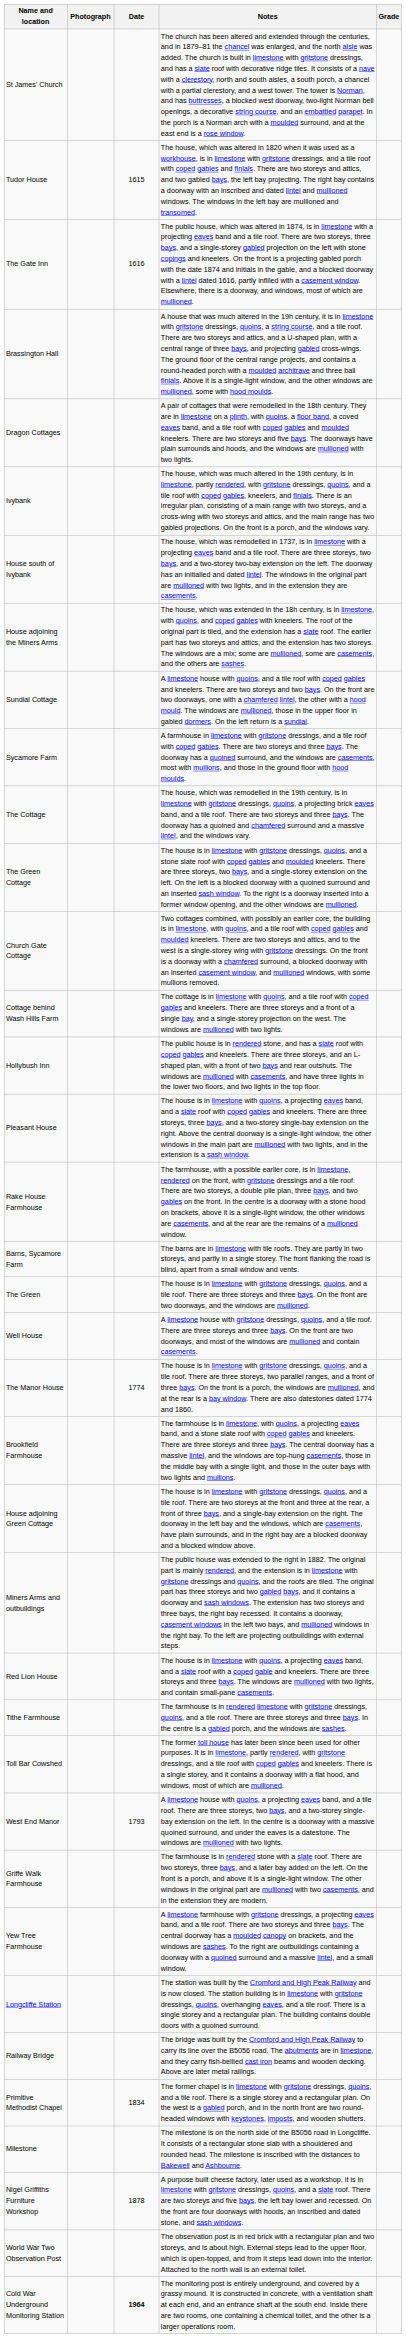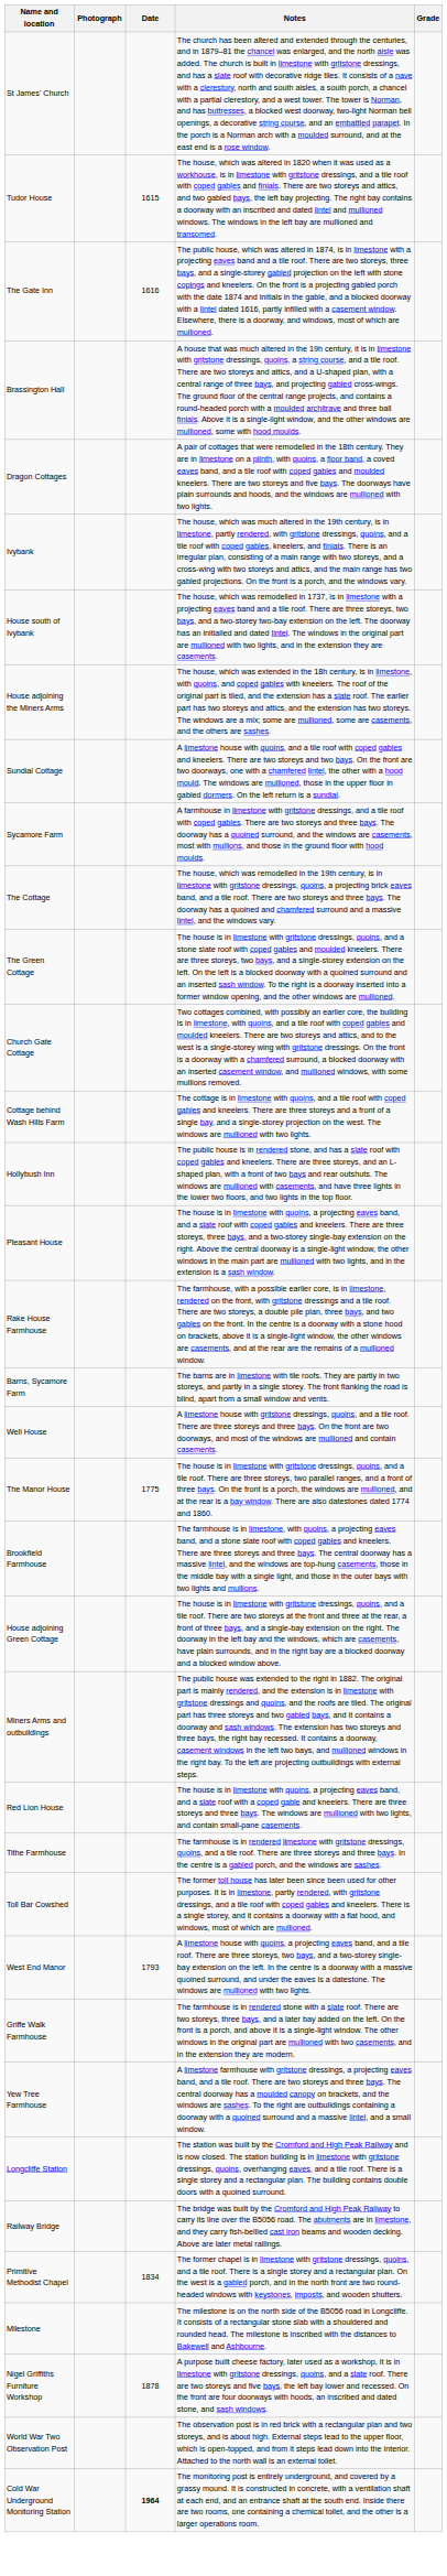 <table class="wikitable sortable plainrowheaders" style="width:100%; border:0; text-align:left; line-height:150%;">
 <tr>
 <th scope="col"  style="width:150px">Name and location</th>
 <th scope="col"  style="width:100px" class="unsortable">Photograph</th>
 <th scope="col"  style="width:120px">Date</th>
 <th scope="col"  style="width:650px" class="unsortable">Notes</th>
 <th scope="col"  style="width:50px">Grade</th>
 </tr>
 <tr>
 <td>St James' Church<br><small></small></td>
 <td></td>
 <td align="center"></td>
 <td>The church has been altered and extended through the centuries, and in 1879–81 the <a href='#'>chancel</a> was enlarged, and the north <a href='#'>aisle</a> was added.  The church is built in <a href='#'>limestone</a> with <a href='#'>gritstone</a> dressings, and has a <a href='#'>slate</a> roof with decorative ridge tiles.  It consists of a <a href='#'>nave</a> with a <a href='#'>clerestory</a>, north and south aisles, a south porch, a chancel with a partial clerestory, and a west tower.  The tower is <a href='#'>Norman</a>, and has <a href='#'>buttresses</a>, a blocked west doorway, two-light Norman bell openings, a decorative <a href='#'>string course</a>, and an <a href='#'>embattled</a> <a href='#'>parapet</a>.  In the porch is a Norman arch with a <a href='#'>moulded</a> surround, and at the east end is a <a href='#'>rose window</a>.</td>
 <td align="center" ></td>
 </tr>
 <tr>
 <td>Tudor House<br><small></small></td>
 <td></td>
 <td align="center">1615</td>
 <td>The house, which was altered in 1820 when it was used as a <a href='#'>workhouse</a>, is in <a href='#'>limestone</a> with <a href='#'>gritstone</a> dressings, and a tile roof with <a href='#'>coped</a> <a href='#'>gables</a> and <a href='#'>finials</a>.  There are two storeys and attics, and two gabled <a href='#'>bays</a>, the left bay projecting.  The right bay contains a doorway with an inscribed and dated <a href='#'>lintel</a> and <a href='#'>mullioned</a> windows.  The windows in the left bay are mullioned and <a href='#'>transomed</a>.</td>
 <td align="center" ></td>
 </tr>
 <tr>
 <td>The Gate Inn<br><small></small></td>
 <td></td>
 <td align="center">1616</td>
 <td>The public house, which was altered in 1874, is in <a href='#'>limestone</a> with a projecting <a href='#'>eaves</a> band and a tile roof.  There are two storeys, three <a href='#'>bays</a>, and a single-storey <a href='#'>gabled</a> projection on the left with stone <a href='#'>copings</a> and kneelers.  On the front is a projecting gabled porch with the date 1874 and initials in the gable, and a blocked doorway with a <a href='#'>lintel</a> dated 1616, partly infilled with a <a href='#'>casement window</a>.  Elsewhere, there is a doorway, and windows, most of which are <a href='#'>mullioned</a>.</td>
 <td align="center" ></td>
 </tr>
 <tr>
 <td>Brassington Hall<br><small></small></td>
 <td></td>
 <td align="center"></td>
 <td>A house that was much altered in the 19h century, it is in <a href='#'>limestone</a> with <a href='#'>gritstone</a> dressings, <a href='#'>quoins</a>, a <a href='#'>string course</a>, and a tile roof.  There are two storeys and attics, and a U-shaped plan, with a central range of three <a href='#'>bays</a>, and projecting <a href='#'>gabled</a> cross-wings.  The ground floor of the central range projects, and contains a round-headed porch with a <a href='#'>moulded</a> <a href='#'>architrave</a> and three ball <a href='#'>finials</a>. Above it is a single-light window, and the other windows are <a href='#'>mullioned</a>, some with <a href='#'>hood moulds</a>.</td>
 <td align="center" ></td>
 </tr>
 <tr>
 <td>Dragon Cottages<br><small></small></td>
 <td></td>
 <td align="center"></td>
 <td>A pair of cottages that were remodelled in the 18th century.  They are in <a href='#'>limestone</a> on a <a href='#'>plinth</a>, with <a href='#'>quoins</a>, a <a href='#'>floor band</a>, a coved <a href='#'>eaves</a> band, and a tile roof with <a href='#'>coped</a> <a href='#'>gables</a> and <a href='#'>moulded</a> kneelers.  There are two storeys and five <a href='#'>bays</a>.  The doorways have plain surrounds and hoods, and the windows are <a href='#'>mullioned</a> with two lights.</td>
 <td align="center" ></td>
 </tr>
 <tr>
 <td>Ivybank<br><small></small></td>
 <td></td>
 <td align="center"></td>
 <td>The house, which was much altered in the 19th century, is in <a href='#'>limestone</a>, partly <a href='#'>rendered</a>, with <a href='#'>gritstone</a> dressings, <a href='#'>quoins</a>, and a tile roof with <a href='#'>coped</a> <a href='#'>gables</a>, kneelers, and <a href='#'>finials</a>.  There is an irregular plan, consisting of a main range with two storeys, and a cross-wing with two storeys and attics, and the main range has two gabled projections.  On the front is a porch, and the windows vary.</td>
 <td align="center" ></td>
 </tr>
 <tr>
 <td>House south of Ivybank<br><small></small></td>
 <td></td>
 <td align="center"></td>
 <td>The house, which was remodelled in 1737, is in <a href='#'>limestone</a> with a projecting <a href='#'>eaves</a> band and a tile roof.  There are three storeys, two <a href='#'>bays</a>, and a two-storey two-bay extension on the left.  The doorway has an initialled and dated <a href='#'>lintel</a>.  The windows in the original part are <a href='#'>mullioned</a> with two lights, and in the extension they are <a href='#'>casements</a>.</td>
 <td align="center" ></td>
 </tr>
 <tr>
 <td>House adjoining the Miners Arms<br><small></small></td>
 <td></td>
 <td align="center"></td>
 <td>The house, which was extended in the 18h century, is in <a href='#'>limestone</a>, with <a href='#'>quoins</a>, and <a href='#'>coped</a> <a href='#'>gables</a> with kneelers.  The roof of the original part is tiled, and the extension has a <a href='#'>slate</a> roof.  The earlier part has two storeys and attics, and the extension has two storeys.  The windows are a mix; some are <a href='#'>mullioned</a>, some are <a href='#'>casements</a>, and the others are <a href='#'>sashes</a>.</td>
 <td align="center" ></td>
 </tr>
 <tr>
 <td>Sundial Cottage<br><small></small></td>
 <td></td>
 <td align="center"></td>
 <td>A <a href='#'>limestone</a> house with <a href='#'>quoins</a>, and a tile roof with <a href='#'>coped</a> <a href='#'>gables</a> and kneelers.  There are two storeys and two <a href='#'>bays</a>.  On the front are two doorways, one with a <a href='#'>chamfered</a> <a href='#'>lintel</a>, the other with a <a href='#'>hood mould</a>.  The windows are <a href='#'>mullioned</a>, those in the upper floor in gabled <a href='#'>dormers</a>.  On the left return is a <a href='#'>sundial</a>.</td>
 <td align="center" ></td>
 </tr>
 <tr>
 <td>Sycamore Farm<br><small></small></td>
 <td></td>
 <td align="center"></td>
 <td>A farmhouse in <a href='#'>limestone</a> with <a href='#'>gritstone</a> dressings, and a tile roof with <a href='#'>coped</a> <a href='#'>gables</a>.  There are two storeys and three <a href='#'>bays</a>.  The doorway has a <a href='#'>quoined</a> surround, and the windows are <a href='#'>casements</a>, most with <a href='#'>mullions</a>, and those in the ground floor with <a href='#'>hood moulds</a>.</td>
 <td align="center" ></td>
 </tr>
 <tr>
 <td>The Cottage<br><small></small></td>
 <td></td>
 <td align="center"></td>
 <td>The house, which was remodelled in the 19th century, is in <a href='#'>limestone</a> with <a href='#'>gritstone</a> dressings, <a href='#'>quoins</a>, a projecting brick <a href='#'>eaves</a> band, and a tile roof.  There are two storeys and three <a href='#'>bays</a>.  The doorway has a quoined and <a href='#'>chamfered</a> surround and a massive <a href='#'>lintel</a>, and the windows vary.</td>
 <td align="center" ></td>
 </tr>
 <tr>
 <td>The Green Cottage<br><small></small></td>
 <td></td>
 <td align="center"></td>
 <td>The house is in <a href='#'>limestone</a> with <a href='#'>gritstone</a> dressings, <a href='#'>quoins</a>, and a stone slate roof with <a href='#'>coped</a> <a href='#'>gables</a> and <a href='#'>moulded</a> kneelers.  There are three storeys, two <a href='#'>bays</a>, and a single-storey extension on the left.  On the left is a blocked doorway with a quoined surround and an inserted <a href='#'>sash window</a>.  To the right is a doorway inserted into a former window opening, and the other windows are <a href='#'>mullioned</a>.</td>
 <td align="center" ></td>
 </tr>
 <tr>
 <td>Church Gate Cottage<br><small></small></td>
 <td></td>
 <td align="center"></td>
 <td>Two cottages combined, with possibly an earlier core, the building is in <a href='#'>limestone</a>, with <a href='#'>quoins</a>, and a tile roof with <a href='#'>coped</a> <a href='#'>gables</a> and <a href='#'>moulded</a> kneelers.  There are two storeys and attics, and to the west is a single-storey wing with <a href='#'>gritstone</a> dressings.  On the front is a doorway with a <a href='#'>chamfered</a> surround, a blocked doorway with an inserted <a href='#'>casement window</a>, and <a href='#'>mullioned</a> windows, with some mullions removed.</td>
 <td align="center" ></td>
 </tr>
 <tr>
 <td>Cottage behind Wash Hills Farm<br><small></small></td>
 <td></td>
 <td align="center"></td>
 <td>The cottage is in <a href='#'>limestone</a> with <a href='#'>quoins</a>, and a tile roof with <a href='#'>coped</a> <a href='#'>gables</a> and kneelers.  There are three storeys and a front of a single <a href='#'>bay</a>, and a single-storey projection on the west.  The windows are <a href='#'>mullioned</a> with two lights.</td>
 <td align="center" ></td>
 </tr>
 <tr>
 <td>Hollybush Inn<br><small></small></td>
 <td></td>
 <td align="center"></td>
 <td>The public house is in <a href='#'>rendered</a> stone, and has a <a href='#'>slate</a> roof with <a href='#'>coped</a> <a href='#'>gables</a> and kneelers.  There are three storeys, and an L-shaped plan, with a front of two <a href='#'>bays</a> and rear outshuts.  The windows are <a href='#'>mullioned</a> with <a href='#'>casements</a>, and have three lights in the lower two floors, and two lights in the top floor.</td>
 <td align="center" ></td>
 </tr>
 <tr>
 <td>Pleasant House<br><small></small></td>
 <td></td>
 <td align="center"></td>
 <td>The house is in <a href='#'>limestone</a> with <a href='#'>quoins</a>, a projecting <a href='#'>eaves</a> band, and a <a href='#'>slate</a> roof with <a href='#'>coped</a> <a href='#'>gables</a> and kneelers.  There are three storeys, three <a href='#'>bays</a>, and a two-storey single-bay extension on the right.  Above the central doorway is a single-light window, the other windows in the main part are <a href='#'>mullioned</a> with two lights, and in the extension is a <a href='#'>sash window</a>.</td>
 <td align="center" ></td>
 </tr>
 <tr>
 <td>Rake House Farmhouse<br><small></small></td>
 <td></td>
 <td align="center"></td>
 <td>The farmhouse, with a possible earlier core, is in <a href='#'>limestone</a>, <a href='#'>rendered</a> on the front, with <a href='#'>gritstone</a> dressings and a tile roof.  There are two storeys, a double pile plan, three <a href='#'>bays</a>, and two <a href='#'>gables</a> on the front.  In the centre is a doorway with a stone hood on brackets, above it is a single-light window, the other windows are <a href='#'>casements</a>, and at the rear are the remains of a <a href='#'>mullioned</a> window.</td>
 <td align="center" ></td>
 </tr>
 <tr>
 <td>Barns, Sycamore Farm<br><small></small></td>
 <td></td>
 <td align="center"></td>
 <td>The barns are in <a href='#'>limestone</a> with tile roofs.  They are partly in two storeys, and partly in a single storey.  The front flanking the road is blind, apart from a small window and vents.</td>
 <td align="center" ></td>
 </tr>
 <tr>
-<td>The Green<br><small></small></td>
-<td></td>
-<td align="center"></td>
-<td>The house is in <a href='#'>limestone</a> with <a href='#'>gritstone</a> dressings, <a href='#'>quoins</a>, and a tile roof.  There are three storeys and three <a href='#'>bays</a>.  On the front are two doorways, and the windows are <a href='#'>mullioned</a>.</td>
-<td align="center" ></td>
-</tr>
-<tr>
 <td>Well House<br><small></small></td>
 <td></td>
 <td align="center"></td>
 <td>A <a href='#'>limestone</a> house with <a href='#'>gritstone</a> dressings, <a href='#'>quoins</a>, and a tile roof.  There are three storeys and three <a href='#'>bays</a>.  On the front are two doorways, and most of the windows are <a href='#'>mullioned</a> and contain <a href='#'>casements</a>.</td>
 <td align="center" ></td>
 </tr>
 <tr>
 <td>The Manor House<br><small></small></td>
 <td></td>
-<td align="center">1774</td>
+<td align="center">1775</td>
 <td>The house is in <a href='#'>limestone</a> with <a href='#'>gritstone</a> dressings, <a href='#'>quoins</a>, and a tile roof.  There are three storeys, two parallel ranges, and a front of three <a href='#'>bays</a>.  On the front is a porch, the windows are <a href='#'>mullioned</a>, and at the rear is a <a href='#'>bay window</a>.  There are also datestones dated 1774 and 1860.</td>
 <td align="center" ></td>
 </tr>
 <tr>
 <td>Brookfield Farmhouse<br><small></small></td>
 <td></td>
 <td align="center"></td>
 <td>The farmhouse is in <a href='#'>limestone</a>, with <a href='#'>quoins</a>, a projecting <a href='#'>eaves</a> band, and a stone slate roof with <a href='#'>coped</a> <a href='#'>gables</a> and kneelers.  There are three storeys and three <a href='#'>bays</a>.  The central doorway has a massive <a href='#'>lintel</a>, and the windows are top-hung <a href='#'>casements</a>, those in the middle bay with a single light, and those in the outer bays with two lights and <a href='#'>mullions</a>.</td>
 <td align="center" ></td>
 </tr>
 <tr>
 <td>House adjoining Green Cottage<br><small></small></td>
 <td></td>
 <td align="center"></td>
 <td>The house is in <a href='#'>limestone</a> with <a href='#'>gritstone</a> dressings, <a href='#'>quoins</a>, and a tile roof.  There are two storeys at the front and three at the rear, a front of three <a href='#'>bays</a>, and a single-bay extension on the right.  The doorway in the left bay  and the windows, which are <a href='#'>casements</a>, have plain surrounds, and in the right bay are a blocked doorway and a blocked window above.</td>
 <td align="center" ></td>
 </tr>
 <tr>
 <td>Miners Arms and outbuildings<br><small></small></td>
 <td></td>
 <td align="center"></td>
 <td>The public house was extended to the right in 1882.  The original part is mainly <a href='#'>rendered</a>, and the extension is in <a href='#'>limestone</a> with <a href='#'>gritstone</a> dressings and <a href='#'>quoins</a>, and the roofs are tiled.  The original part has three storeys and two <a href='#'>gabled</a> <a href='#'> bays</a>, and it contains a doorway and <a href='#'>sash windows</a>.  The extension has two storeys and three bays, the right bay recessed.  It contains a doorway, <a href='#'>casement windows</a> in the left two bays, and <a href='#'>mullioned</a> windows in the right bay.  To the left are projecting outbuildings with external steps.</td>
 <td align="center" ></td>
 </tr>
 <tr>
 <td>Red Lion House<br><small></small></td>
 <td></td>
 <td align="center"></td>
 <td>The house is in <a href='#'>limestone</a> with <a href='#'>quoins</a>, a projecting <a href='#'>eaves</a> band, and a <a href='#'>slate</a> roof with a <a href='#'>coped</a> <a href='#'>gable</a> and kneelers.  There are three storeys and three <a href='#'>bays</a>.  The windows are <a href='#'>mullioned</a> with two lights, and contain small-pane <a href='#'>casements</a>.</td>
 <td align="center" ></td>
 </tr>
 <tr>
 <td>Tithe Farmhouse<br><small></small></td>
 <td></td>
 <td align="center"></td>
 <td>The farmhouse is in <a href='#'>rendered</a> <a href='#'>limestone</a> with <a href='#'>gritstone</a> dressings, <a href='#'>quoins</a>, and a tile roof.  There are three storeys and three <a href='#'>bays</a>.  In the centre is a <a href='#'>gabled</a> porch, and the windows are <a href='#'>sashes</a>.</td>
 <td align="center" ></td>
 </tr>
 <tr>
 <td>Toll Bar Cowshed<br><small></small></td>
 <td></td>
 <td align="center"></td>
 <td>The former <a href='#'>toll house</a> has later been since been used for other purposes.  It is in <a href='#'>limestone</a>, partly <a href='#'>rendered</a>, with <a href='#'>gritstone</a> dressings, and a tile roof with <a href='#'>coped</a> <a href='#'>gables</a> and kneelers. There is a single storey, and it contains a doorway with a flat hood, and windows, most of which are <a href='#'>mullioned</a>.</td>
 <td align="center" ></td>
 </tr>
 <tr>
 <td>West End Manor<br><small></small></td>
 <td></td>
 <td align="center">1793</td>
 <td>A <a href='#'>limestone</a> house with <a href='#'>quoins</a>, a projecting <a href='#'>eaves</a> band, and a tile roof.  There are three storeys, two <a href='#'>bays</a>, and a two-storey single-bay extension on the left.  In the centre is a doorway with a massive quoined surround, and under the eaves is a datestone.  The windows are <a href='#'>mullioned</a> with two lights.</td>
 <td align="center" ></td>
 </tr>
 <tr>
 <td>Griffe Walk Farmhouse<br><small></small></td>
 <td></td>
 <td align="center"></td>
 <td>The farmhouse is in <a href='#'>rendered</a> stone with a <a href='#'>slate</a> roof.  There are two storeys, three <a href='#'>bays</a>, and a later bay added on the left.  On the front is a porch, and above it is a single-light window.  The other windows in the original part are <a href='#'>mullioned</a> with two <a href='#'>casements</a>, and in the extension they are modern.</td>
 <td align="center" ></td>
 </tr>
 <tr>
 <td>Yew Tree Farmhouse<br><small></small></td>
 <td></td>
 <td align="center"></td>
 <td>A <a href='#'>limestone</a> farmhouse with <a href='#'>gritstone</a> dressings, a projecting <a href='#'>eaves</a> band, and a tile roof.  There are two storeys and three <a href='#'>bays</a>.  The central doorway has a <a href='#'>moulded</a> <a href='#'>canopy</a> on brackets, and the windows are <a href='#'>sashes</a>.  To the right are outbuildings containing a doorway with a <a href='#'>quoined</a> surround and a massive <a href='#'>lintel</a>, and a small window.</td>
 <td align="center" ></td>
 </tr>
 <tr>
 <td><a href='#'>Longcliffe Station</a><br><small></small></td>
 <td></td>
 <td align="center"></td>
 <td>The station was built by the <a href='#'>Cromford and High Peak Railway</a> and is now closed.  The station building is in <a href='#'>limestone</a> with <a href='#'>gritstone</a> dressings, <a href='#'>quoins</a>, overhanging <a href='#'>eaves</a>, and a tile roof.  There is a single storey and a rectangular plan.  The building contains double doors with a quoined surround.</td>
 <td align="center" ></td>
 </tr>
 <tr>
 <td>Railway Bridge<br><small></small></td>
 <td></td>
 <td align="center"></td>
 <td>The bridge was built by the <a href='#'>Cromford and High Peak Railway</a> to carry its line over the B5056 road.  The <a href='#'>abutments</a> are in <a href='#'>limestone</a>, and they carry fish-bellied <a href='#'>cast iron</a> beams and wooden decking.  Above are later metal railings.</td>
 <td align="center" ></td>
 </tr>
 <tr>
 <td>Primitive Methodist Chapel<br><small></small></td>
 <td></td>
 <td align="center">1834</td>
 <td>The former chapel is in <a href='#'>limestone</a> with <a href='#'>gritstone</a> dressings, <a href='#'>quoins</a>, and a tile roof.  There is a single storey and a rectangular plan.  On the west is a <a href='#'>gabled</a> porch, and in the north front are two round-headed windows with <a href='#'>keystones</a>, <a href='#'>imposts</a>, and wooden shutters.</td>
 <td align="center" ></td>
 </tr>
 <tr>
 <td>Milestone<br><small></small></td>
 <td></td>
 <td align="center"></td>
 <td>The milestone is on the north side of the B5056 road in Longcliffe.  It consists of a rectangular stone slab with a shouldered and rounded head.  The milestone is inscribed with the distances to <a href='#'>Bakewell</a> and <a href='#'>Ashbourne</a>.</td>
 <td align="center" ></td>
 </tr>
 <tr>
 <td>Nigel Griffiths Furniture Workshop<br><small></small></td>
 <td></td>
 <td align="center">1878</td>
 <td>A purpose built cheese factory, later used as a workshop, it is in <a href='#'>limestone</a> with <a href='#'>gritstone</a> dressings, <a href='#'>quoins</a>, and a <a href='#'>slate</a> roof.  There are two storeys and five <a href='#'>bays</a>, the left bay lower and recessed.  On the front are four doorways with hoods, an inscribed and dated stone, and <a href='#'>sash windows</a>.</td>
 <td align="center" ></td>
 </tr>
 <tr>
 <td>World War Two Observation Post<br><small></small></td>
 <td></td>
 <td align="center"></td>
 <td>The observation post is in red brick with a rectangular plan and two storeys, and is about  high.  External steps lead to the upper floor, which is open-topped, and from it steps lead down into the interior.  Attached to the north wall is an external toilet.</td>
 <td align="center" ></td>
 </tr>
 <tr>
 <td>Cold War Underground Monitoring Station<br><small></small></td>
 <td></td>
 <td align="center"><strong>1964</strong></td>
 <td>The monitoring post is entirely underground, and covered by a grassy mound.  It is constructed in concrete, with a ventilation shaft at each end, and an entrance shaft at the south end.  Inside there are two rooms, one containing a chemical toilet, and the other is a larger operations room.</td>
 <td align="center" ></td>
 </tr>
 <tr>
 </tr>
 </table>
